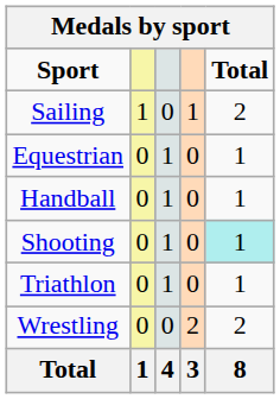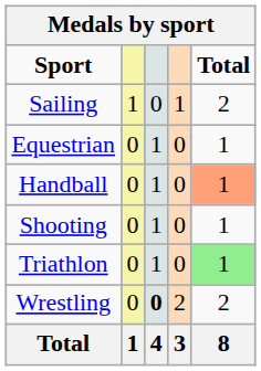 <table class="wikitable" style="font-size:85%; float:right">
 <tr bgcolor=#efefef>
 <th colspan=7>Medals by sport</th>
 </tr>
 <tr align=center>
 <td><strong>Sport</strong></td>
 <td bgcolor=#f7f6a8></td>
 <td bgcolor=#dce5e5></td>
 <td bgcolor=#ffdab9></td>
 <td><strong>Total</strong></td>
 </tr>
 <tr align=center>
 <td><a href='#'>Sailing</a></td>
 <td bgcolor=#f7f6a8>1</td>
 <td bgcolor=#dce5e5>0</td>
 <td bgcolor=#ffdab9>1</td>
 <td>2</td>
 </tr>
 <tr align=center>
 <td><a href='#'>Equestrian</a></td>
 <td bgcolor=#f7f6a8>0</td>
 <td bgcolor=#dce5e5>1</td>
 <td bgcolor=#ffdab9>0</td>
 <td>1</td>
 </tr>
 <tr align=center>
 <td><a href='#'>Handball</a></td>
 <td bgcolor=#f7f6a8>0</td>
 <td bgcolor=#dce5e5>1</td>
 <td bgcolor=#ffdab9>0</td>
-<td>1</td>
+<td style="background: lightsalmon;">1</td>
 </tr>
 <tr align=center>
 <td><a href='#'>Shooting</a></td>
 <td bgcolor=#f7f6a8>0</td>
 <td bgcolor=#dce5e5>1</td>
 <td bgcolor=#ffdab9>0</td>
-<td style="background: paleturquoise;">1</td>
+<td>1</td>
 </tr>
 <tr align=center>
 <td><a href='#'>Triathlon</a></td>
 <td bgcolor=#f7f6a8>0</td>
 <td bgcolor=#dce5e5>1</td>
 <td bgcolor=#ffdab9>0</td>
-<td>1</td>
+<td style="background: lightgreen;">1</td>
 </tr>
 <tr align=center>
 <td><a href='#'>Wrestling</a></td>
 <td bgcolor=#f7f6a8>0</td>
-<td bgcolor=#dce5e5>0</td>
+<td bgcolor=#dce5e5><strong>0</strong></td>
 <td bgcolor=#ffdab9>2</td>
 <td>2</td>
 </tr>
 <tr align=center>
 <th>Total</th>
 <th bgcolor=gold>1</th>
 <th bgcolor=silver>4</th>
 <th bgcolor=#c96>3</th>
 <th>8</th>
 </tr>
 </table>
